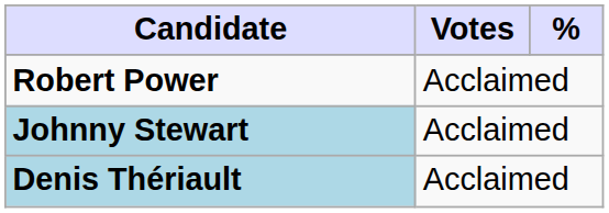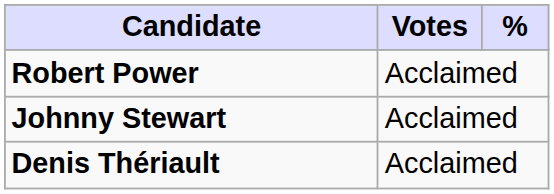 <table class="wikitable">
 <tr>
 <th style="background:#ddf; width:200px;">Candidate</th>
 <th style="background:#ddf; width:50px;">Votes</th>
 <th style="background:#ddf; width:30px;">%</th>
 </tr>
 <tr>
 <td><strong>Robert Power</strong></td>
 <td colspan="2">Acclaimed</td>
 </tr>
 <tr>
-<td style="background: lightblue;"><strong>Johnny Stewart</strong></td>
+<td><strong>Johnny Stewart</strong></td>
 <td colspan="2">Acclaimed</td>
 </tr>
 <tr>
-<td style="background: lightblue;"><strong>Denis Thériault</strong></td>
+<td><strong>Denis Thériault</strong></td>
 <td colspan="2">Acclaimed</td>
 </tr>
 </table>
